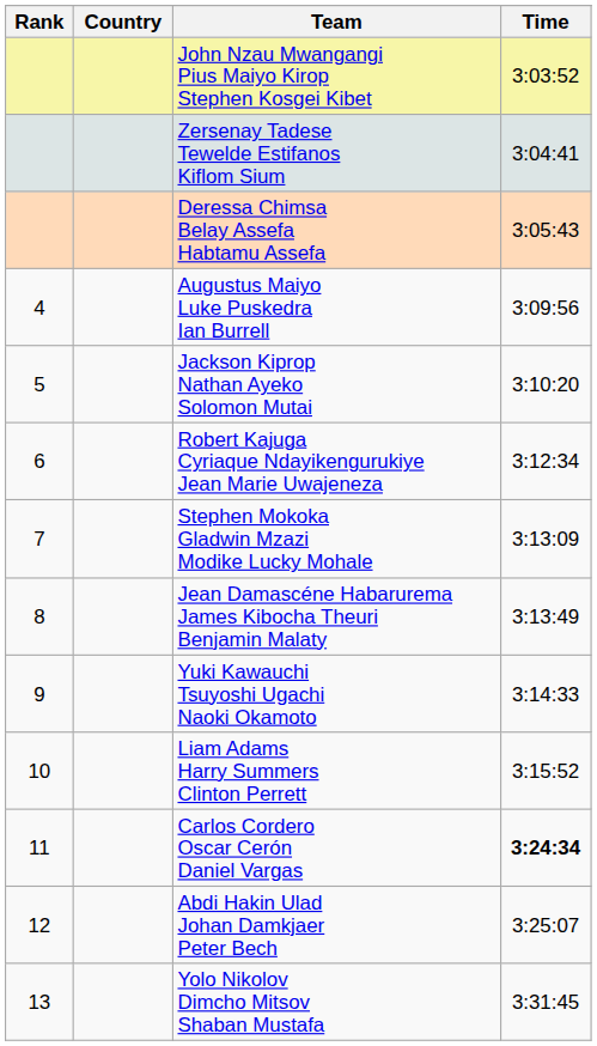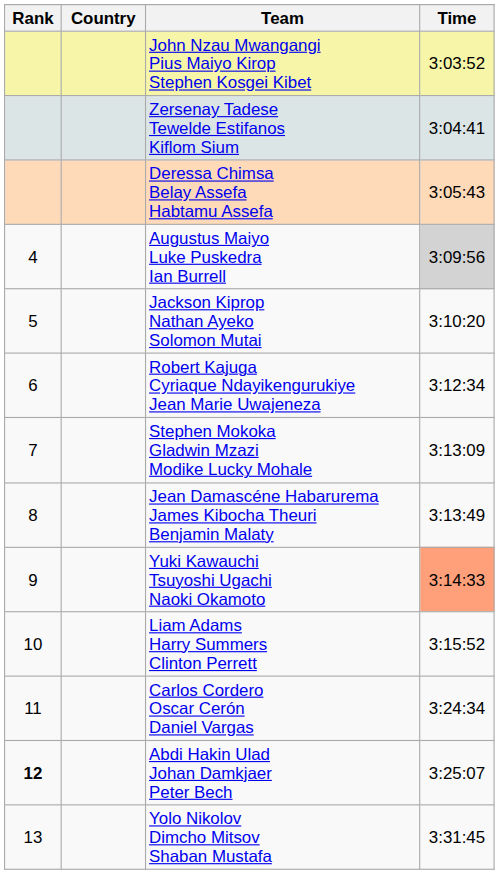 <table class="wikitable sortable" style=" text-align:center; font-size:95%;" width="50%">
 <tr>
 </tr>
 <tr>
 <th>Rank</th>
 <th>Country</th>
 <th>Team</th>
 <th>Time</th>
 </tr>
 <tr bgcolor="#F7F6A8">
 <td></td>
 <td align=left></td>
 <td align=left><a href='#'>John Nzau Mwangangi</a><br><a href='#'>Pius Maiyo Kirop</a><br><a href='#'>Stephen Kosgei Kibet</a></td>
 <td>3:03:52</td>
 </tr>
 <tr bgcolor="#DCE5E5">
 <td></td>
 <td align=left></td>
 <td align=left><a href='#'>Zersenay Tadese</a><br><a href='#'>Tewelde Estifanos</a><br><a href='#'>Kiflom Sium</a></td>
 <td>3:04:41</td>
 </tr>
 <tr bgcolor="#FFDAB9">
 <td></td>
 <td align=left></td>
 <td align=left><a href='#'>Deressa Chimsa</a><br><a href='#'>Belay Assefa</a><br><a href='#'>Habtamu Assefa</a></td>
 <td>3:05:43</td>
 </tr>
 <tr>
 <td align=center>4</td>
 <td align=left></td>
 <td align=left><a href='#'>Augustus Maiyo</a><br><a href='#'>Luke Puskedra</a><br><a href='#'>Ian Burrell</a></td>
-<td>3:09:56</td>
+<td style="background: lightgrey;">3:09:56</td>
 </tr>
 <tr>
 <td align=center>5</td>
 <td align=left></td>
 <td align=left><a href='#'>Jackson Kiprop</a><br><a href='#'>Nathan Ayeko</a><br><a href='#'>Solomon Mutai</a></td>
 <td>3:10:20</td>
 </tr>
 <tr>
 <td align=center>6</td>
 <td align=left></td>
 <td align=left><a href='#'>Robert Kajuga</a><br><a href='#'>Cyriaque Ndayikengurukiye</a><br><a href='#'>Jean Marie Uwajeneza</a></td>
 <td>3:12:34</td>
 </tr>
 <tr>
 <td align=center>7</td>
 <td align=left></td>
 <td align=left><a href='#'>Stephen Mokoka</a><br><a href='#'>Gladwin Mzazi</a><br><a href='#'>Modike Lucky Mohale</a></td>
 <td>3:13:09</td>
 </tr>
 <tr>
 <td align=center>8</td>
 <td align=left></td>
 <td align=left><a href='#'>Jean Damascéne Habarurema</a><br><a href='#'>James Kibocha Theuri</a><br><a href='#'>Benjamin Malaty</a></td>
 <td>3:13:49</td>
 </tr>
 <tr>
 <td align=center>9</td>
 <td align=left></td>
 <td align=left><a href='#'>Yuki Kawauchi</a><br><a href='#'>Tsuyoshi Ugachi</a><br><a href='#'>Naoki Okamoto</a></td>
-<td>3:14:33</td>
+<td style="background: lightsalmon;">3:14:33</td>
 </tr>
 <tr>
 <td align=center>10</td>
 <td align=left></td>
 <td align=left><a href='#'>Liam Adams</a><br><a href='#'>Harry Summers</a><br><a href='#'>Clinton Perrett</a></td>
 <td>3:15:52</td>
 </tr>
 <tr>
 <td align=center>11</td>
 <td align=left></td>
 <td align=left><a href='#'>Carlos Cordero</a><br><a href='#'>Oscar Cerón</a><br><a href='#'>Daniel Vargas</a></td>
-<td><strong>3:24:34</strong></td>
+<td>3:24:34</td>
 </tr>
 <tr>
-<td align=center>12</td>
+<td align=center><strong>12</strong></td>
 <td align=left></td>
 <td align=left><a href='#'>Abdi Hakin Ulad</a><br><a href='#'>Johan Damkjaer</a><br><a href='#'>Peter Bech</a></td>
 <td>3:25:07</td>
 </tr>
 <tr>
 <td align=center>13</td>
 <td align=left></td>
 <td align=left><a href='#'>Yolo Nikolov</a><br><a href='#'>Dimcho Mitsov</a><br><a href='#'>Shaban Mustafa</a></td>
 <td>3:31:45</td>
 </tr>
 </table>
